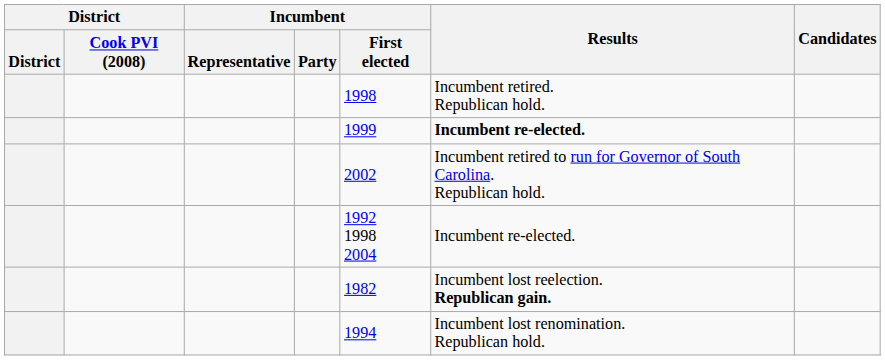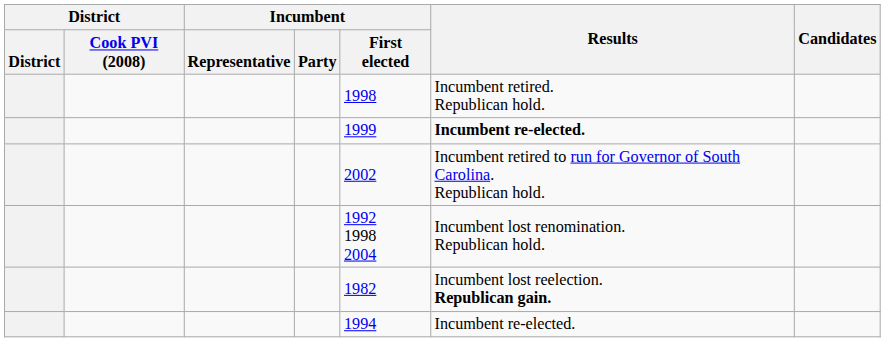 <table class="wikitable sortable">
 <tr>
 <th colspan=2>District</th>
 <th colspan=3>Incumbent</th>
 <th rowspan=2>Results</th>
 <th rowspan=2>Candidates</th>
 </tr>
 <tr valign=bottom>
 <th>District</th>
 <th><a href='#'>Cook PVI</a> (2008)</th>
 <th>Representative</th>
 <th>Party</th>
 <th>First elected</th>
 </tr>
 <tr>
 <th></th>
 <td></td>
 <td></td>
 <td></td>
 <td><a href='#'>1998</a></td>
 <td>Incumbent retired.<br>Republican hold.</td>
 <td nowrap></td>
 </tr>
 <tr>
 <th></th>
 <td></td>
 <td></td>
 <td></td>
 <td><a href='#'>1999 </a></td>
 <td><strong>Incumbent re-elected.</strong></td>
 <td nowrap></td>
 </tr>
 <tr>
 <th></th>
 <td></td>
 <td></td>
 <td></td>
 <td><a href='#'>2002</a></td>
 <td>Incumbent retired to <a href='#'>run for Governor of South Carolina</a>.<br>Republican hold.</td>
 <td nowrap></td>
 </tr>
 <tr>
 <th></th>
 <td></td>
 <td></td>
 <td></td>
 <td><a href='#'>1992</a><br>1998 <br><a href='#'>2004</a></td>
-<td>Incumbent re-elected.</td>
+<td>Incumbent lost renomination.<br>Republican hold.</td>
 <td nowrap></td>
 </tr>
 <tr>
 <th></th>
 <td></td>
 <td></td>
 <td></td>
 <td><a href='#'>1982</a></td>
 <td>Incumbent lost reelection.<br><strong>Republican gain.</strong></td>
 <td nowrap></td>
 </tr>
 <tr>
 <th></th>
 <td></td>
 <td></td>
 <td></td>
 <td><a href='#'>1994</a></td>
-<td>Incumbent lost renomination.<br>Republican hold.</td>
+<td>Incumbent re-elected.</td>
 <td nowrap></td>
 </tr>
 </table>
